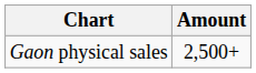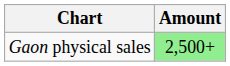 <table class="wikitable">
 <tr>
 <th>Chart</th>
 <th>Amount</th>
 </tr>
 <tr>
 <td><em>Gaon</em> physical sales</td>
-<td align="center">2,500+</td>
+<td align="center" style="background: lightgreen;">2,500+</td>
 </tr>
 </table>
